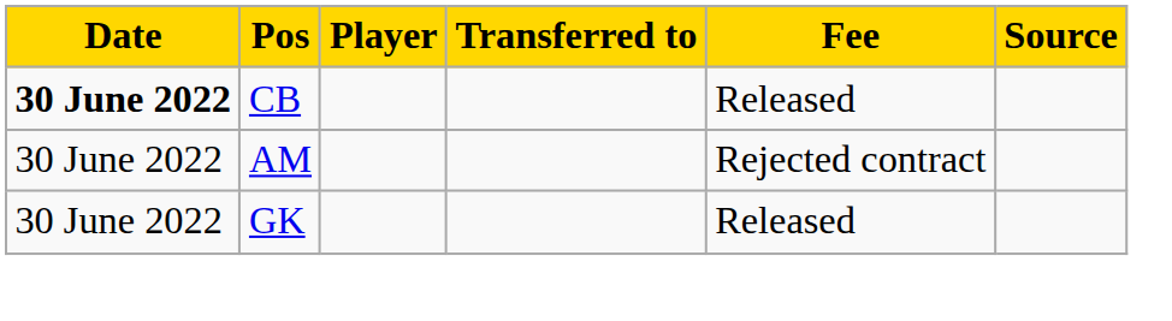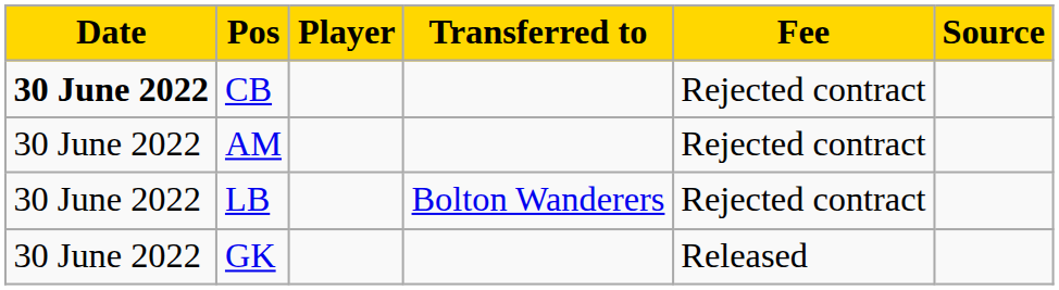 <table class="wikitable plainrowheaders sortable">
 <tr>
 <th style="background-color:#ffd700; color:#000000; ">Date</th>
 <th style="background-color:#ffd700; color:#000000; ">Pos</th>
 <th style="background-color:#ffd700; color:#000000; ">Player</th>
 <th style="background-color:#ffd700; color:#000000; ">Transferred to</th>
 <th style="background-color:#ffd700; color:#000000; ">Fee</th>
 <th style="background-color:#ffd700; color:#000000; ">Source</th>
 </tr>
 <tr>
 <td><strong>30 June 2022</strong></td>
 <td><a href='#'>CB</a></td>
 <td></td>
 <td></td>
-<td>Released</td>
+<td>Rejected contract</td>
 <td></td>
 </tr>
 <tr>
 <td>30 June 2022</td>
 <td><a href='#'>AM</a></td>
 <td></td>
 <td></td>
 <td>Rejected contract</td>
 <td></td>
 </tr>
 <tr>
 <td>30 June 2022</td>
+<td><a href='#'>LB</a></td>
+<td></td>
+<td><a href='#'>Bolton Wanderers</a></td>
+<td>Rejected contract</td>
+<td></td>
+</tr>
+<tr>
+<td>30 June 2022</td>
 <td><a href='#'>GK</a></td>
 <td></td>
 <td></td>
 <td>Released</td>
 <td></td>
 </tr>
 </table>
